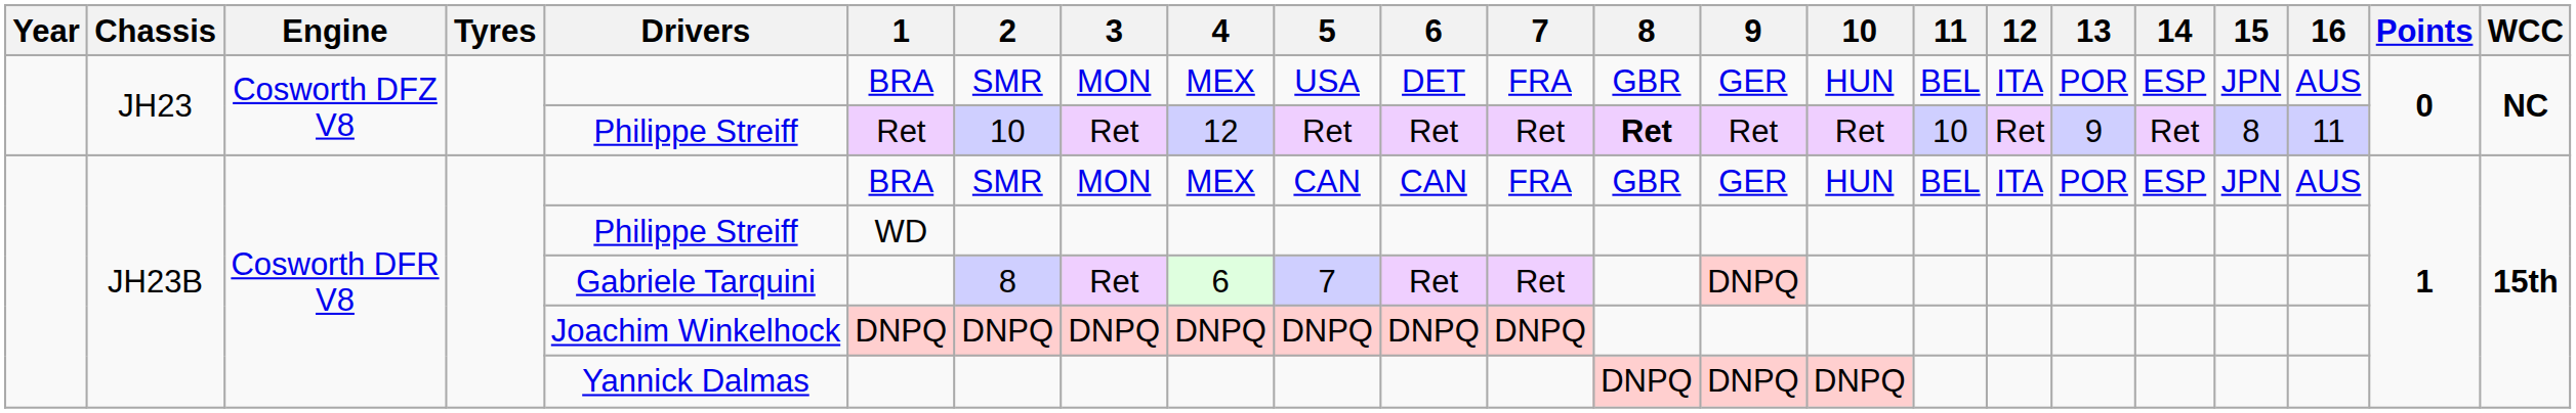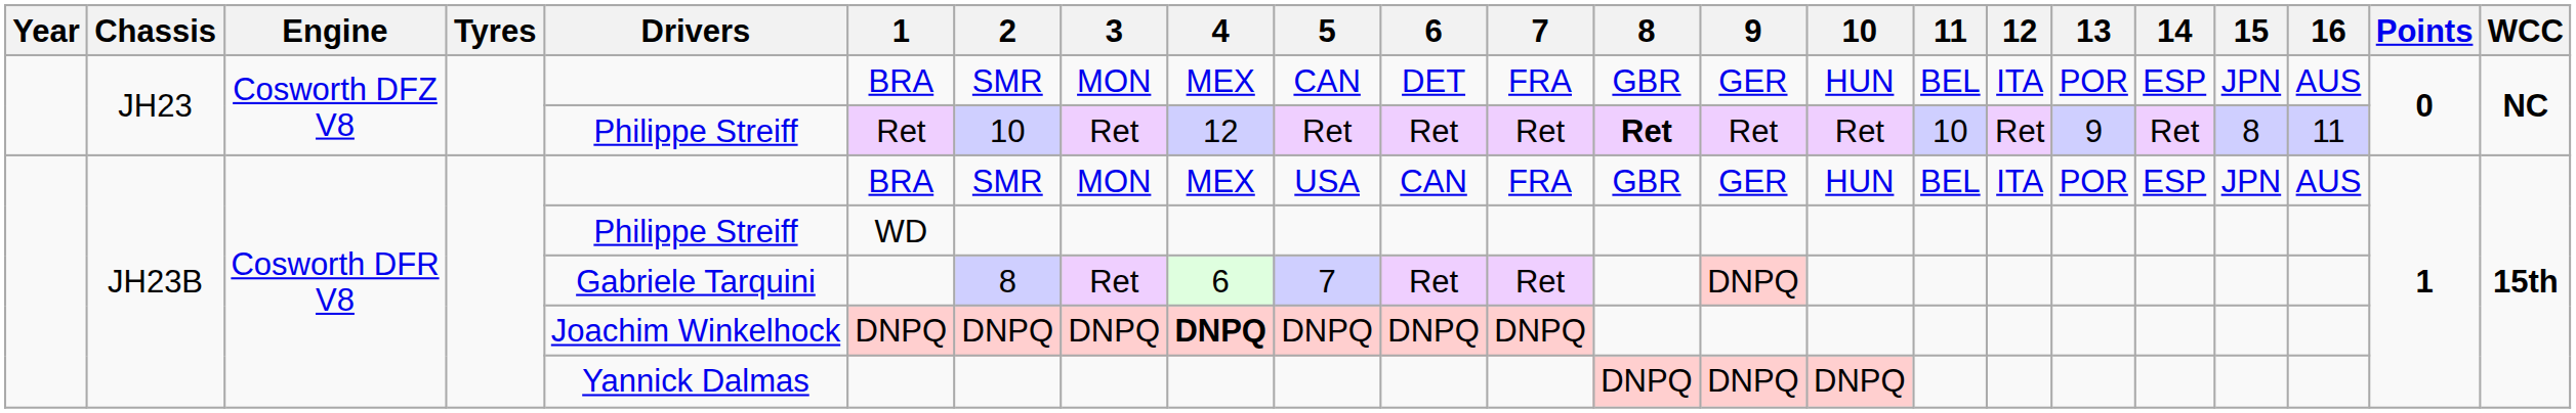 <table class="wikitable" style="text-align:center; font-size:95%">
 <tr>
 <th>Year</th>
 <th>Chassis</th>
 <th>Engine</th>
 <th>Tyres</th>
 <th>Drivers</th>
 <th>1</th>
 <th>2</th>
 <th>3</th>
 <th>4</th>
 <th>5</th>
 <th>6</th>
 <th>7</th>
 <th>8</th>
 <th>9</th>
 <th>10</th>
 <th>11</th>
 <th>12</th>
 <th>13</th>
 <th>14</th>
 <th>15</th>
 <th>16</th>
 <th><a href='#'>Points</a></th>
 <th>WCC</th>
 </tr>
 <tr>
 <td rowspan="2"></td>
 <td rowspan="2">JH23</td>
 <td rowspan="2"><a href='#'>Cosworth DFZ</a><br><a href='#'>V8</a></td>
 <td rowspan="2"></td>
 <td></td>
 <td><a href='#'>BRA</a></td>
 <td><a href='#'>SMR</a></td>
 <td><a href='#'>MON</a></td>
 <td><a href='#'>MEX</a></td>
-<td><a href='#'>USA</a></td>
+<td><a href='#'>CAN</a></td>
 <td><a href='#'>DET</a></td>
 <td><a href='#'>FRA</a></td>
 <td><a href='#'>GBR</a></td>
 <td><a href='#'>GER</a></td>
 <td><a href='#'>HUN</a></td>
 <td><a href='#'>BEL</a></td>
 <td><a href='#'>ITA</a></td>
 <td><a href='#'>POR</a></td>
 <td><a href='#'>ESP</a></td>
 <td><a href='#'>JPN</a></td>
 <td><a href='#'>AUS</a></td>
 <td rowspan="2"><strong>0</strong></td>
 <td rowspan="2"><strong>NC</strong></td>
 </tr>
 <tr>
 <td><a href='#'>Philippe Streiff</a></td>
 <td style="background:#EFCFFF;">Ret</td>
 <td style="background:#CFCFFF;">10</td>
 <td style="background:#EFCFFF;">Ret</td>
 <td style="background:#CFCFFF;">12</td>
 <td style="background:#EFCFFF;">Ret</td>
 <td style="background:#EFCFFF;">Ret</td>
 <td style="background:#EFCFFF;">Ret</td>
 <td style="background:#EFCFFF;"><strong>Ret</strong></td>
 <td style="background:#EFCFFF;">Ret</td>
 <td style="background:#EFCFFF;">Ret</td>
 <td style="background:#CFCFFF;">10</td>
 <td style="background:#EFCFFF;">Ret</td>
 <td style="background:#CFCFFF;">9</td>
 <td style="background:#EFCFFF;">Ret</td>
 <td style="background:#CFCFFF;">8</td>
 <td style="background:#CFCFFF;">11</td>
 </tr>
 <tr>
 <td rowspan="5"></td>
 <td rowspan="5">JH23B</td>
 <td rowspan="5"><a href='#'>Cosworth DFR</a><br><a href='#'>V8</a></td>
 <td rowspan="5"></td>
 <td></td>
 <td><a href='#'>BRA</a></td>
 <td><a href='#'>SMR</a></td>
 <td><a href='#'>MON</a></td>
 <td><a href='#'>MEX</a></td>
-<td><a href='#'>CAN</a></td>
+<td><a href='#'>USA</a></td>
 <td><a href='#'>CAN</a></td>
 <td><a href='#'>FRA</a></td>
 <td><a href='#'>GBR</a></td>
 <td><a href='#'>GER</a></td>
 <td><a href='#'>HUN</a></td>
 <td><a href='#'>BEL</a></td>
 <td><a href='#'>ITA</a></td>
 <td><a href='#'>POR</a></td>
 <td><a href='#'>ESP</a></td>
 <td><a href='#'>JPN</a></td>
 <td><a href='#'>AUS</a></td>
 <td rowspan="5"><strong>1</strong></td>
 <td rowspan="5"><strong>15th</strong></td>
 </tr>
 <tr>
 <td><a href='#'>Philippe Streiff</a></td>
 <td>WD</td>
 <td></td>
 <td></td>
 <td></td>
 <td></td>
 <td></td>
 <td></td>
 <td></td>
 <td></td>
 <td></td>
 <td></td>
 <td></td>
 <td></td>
 <td></td>
 <td></td>
 <td></td>
 </tr>
 <tr>
 <td><a href='#'>Gabriele Tarquini</a></td>
 <td></td>
 <td style="background:#CFCFFF;">8</td>
 <td style="background:#EFCFFF;">Ret</td>
 <td style="background:#DFFFDF;">6</td>
 <td style="background:#CFCFFF;">7</td>
 <td style="background:#EFCFFF;">Ret</td>
 <td style="background:#EFCFFF;">Ret</td>
 <td></td>
 <td style="background:#FFCFCF;">DNPQ</td>
 <td></td>
 <td></td>
 <td></td>
 <td></td>
 <td></td>
 <td></td>
 <td></td>
 </tr>
 <tr>
 <td><a href='#'>Joachim Winkelhock</a></td>
 <td style="background:#FFCFCF;">DNPQ</td>
 <td style="background:#FFCFCF;">DNPQ</td>
 <td style="background:#FFCFCF;">DNPQ</td>
-<td style="background:#FFCFCF;">DNPQ</td>
+<td style="background:#FFCFCF;"><strong>DNPQ</strong></td>
 <td style="background:#FFCFCF;">DNPQ</td>
 <td style="background:#FFCFCF;">DNPQ</td>
 <td style="background:#FFCFCF;">DNPQ</td>
 <td></td>
 <td></td>
 <td></td>
 <td></td>
 <td></td>
 <td></td>
 <td></td>
 <td></td>
 <td></td>
 </tr>
 <tr>
 <td><a href='#'>Yannick Dalmas</a></td>
 <td></td>
 <td></td>
 <td></td>
 <td></td>
 <td></td>
 <td></td>
 <td></td>
 <td style="background:#FFCFCF;">DNPQ</td>
 <td style="background:#FFCFCF;">DNPQ</td>
 <td style="background:#FFCFCF;">DNPQ</td>
 <td></td>
 <td></td>
 <td></td>
 <td></td>
 <td></td>
 <td></td>
 </tr>
 </table>
